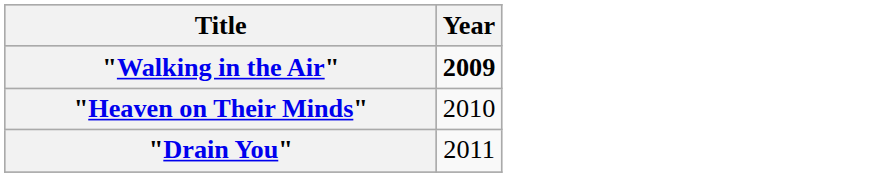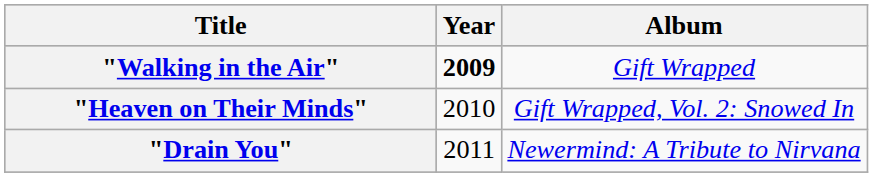 <table class="wikitable plainrowheaders" style="text-align:center;">
 <tr>
 <th scope="col" style="width:16em;">Title</th>
 <th scope="col">Year</th>
+<th scope="col">Album</th>
 </tr>
 <tr>
 <th scope="row">"<a href='#'>Walking in the Air</a>"</th>
 <td><strong>2009</strong></td>
+<td><em><a href='#'>Gift Wrapped</a></em></td>
 </tr>
 <tr>
 <th scope="row">"<a href='#'>Heaven on Their Minds</a>"</th>
 <td>2010</td>
+<td><em><a href='#'>Gift Wrapped, Vol. 2: Snowed In</a></em></td>
 </tr>
 <tr>
 <th scope="row">"<a href='#'>Drain You</a>"</th>
 <td>2011</td>
+<td><em><a href='#'>Newermind: A Tribute to Nirvana</a></em></td>
 </tr>
 </table>
